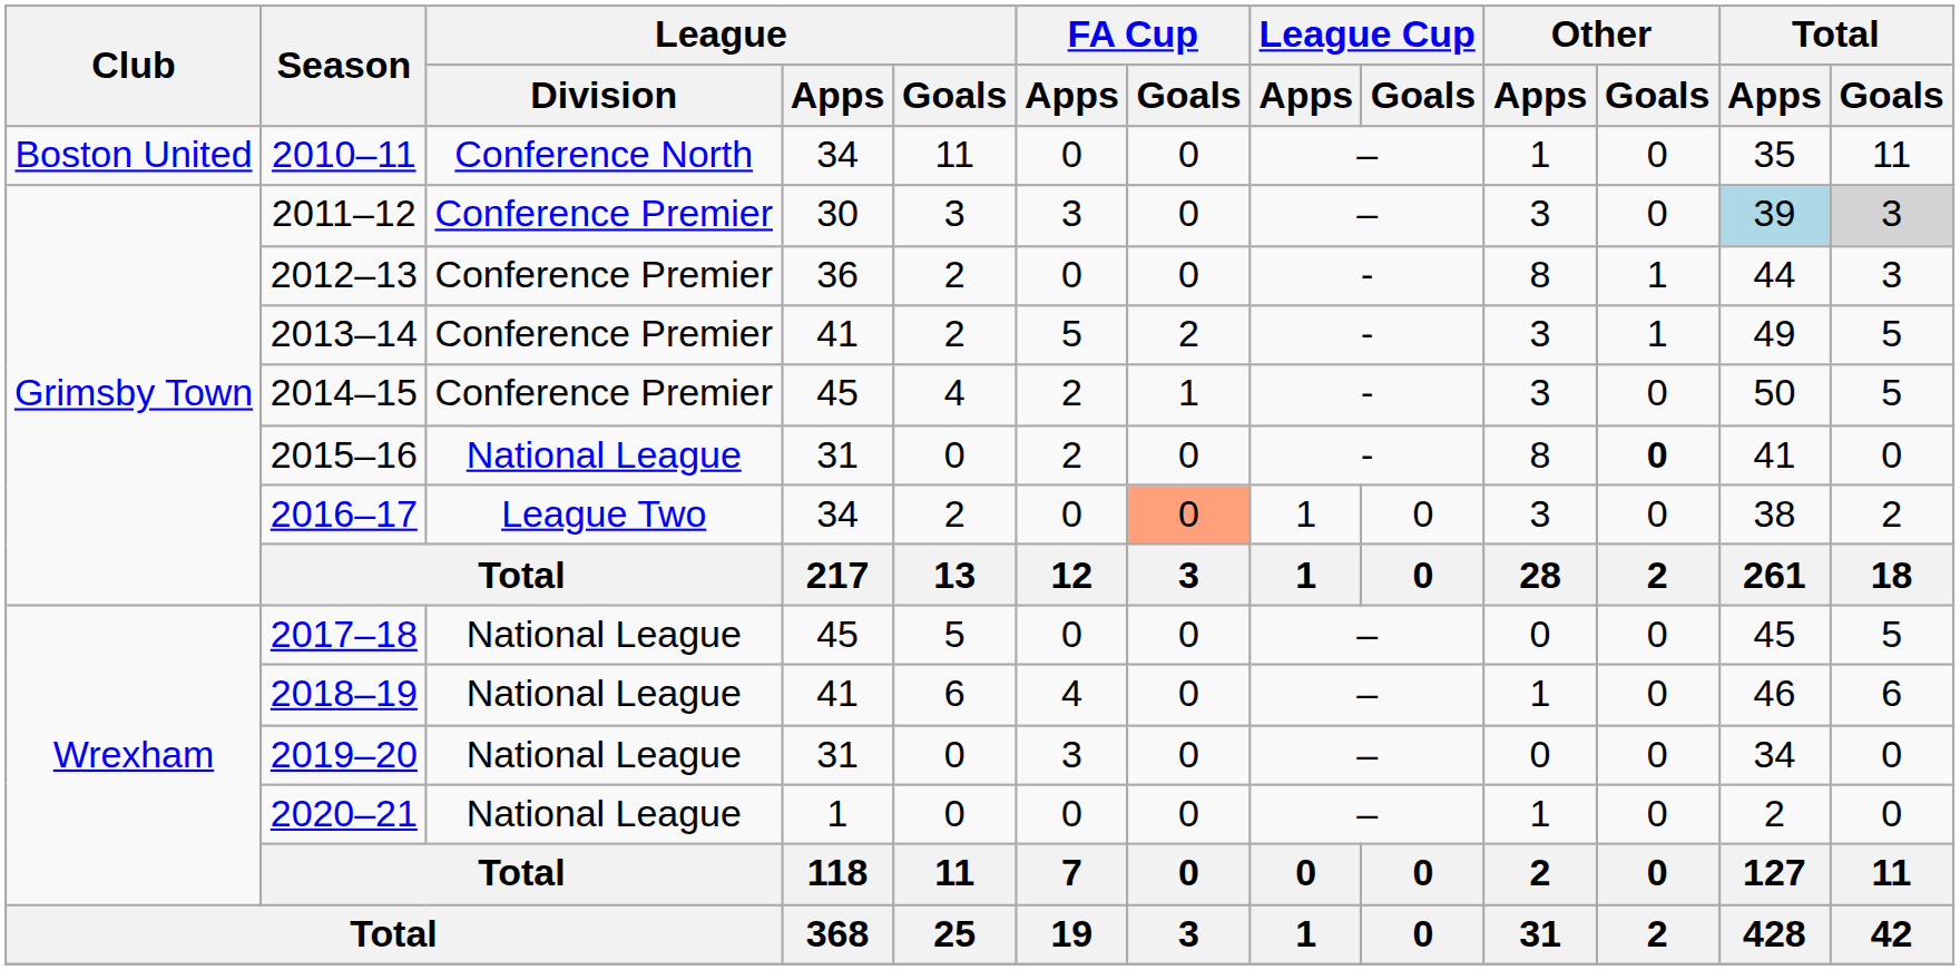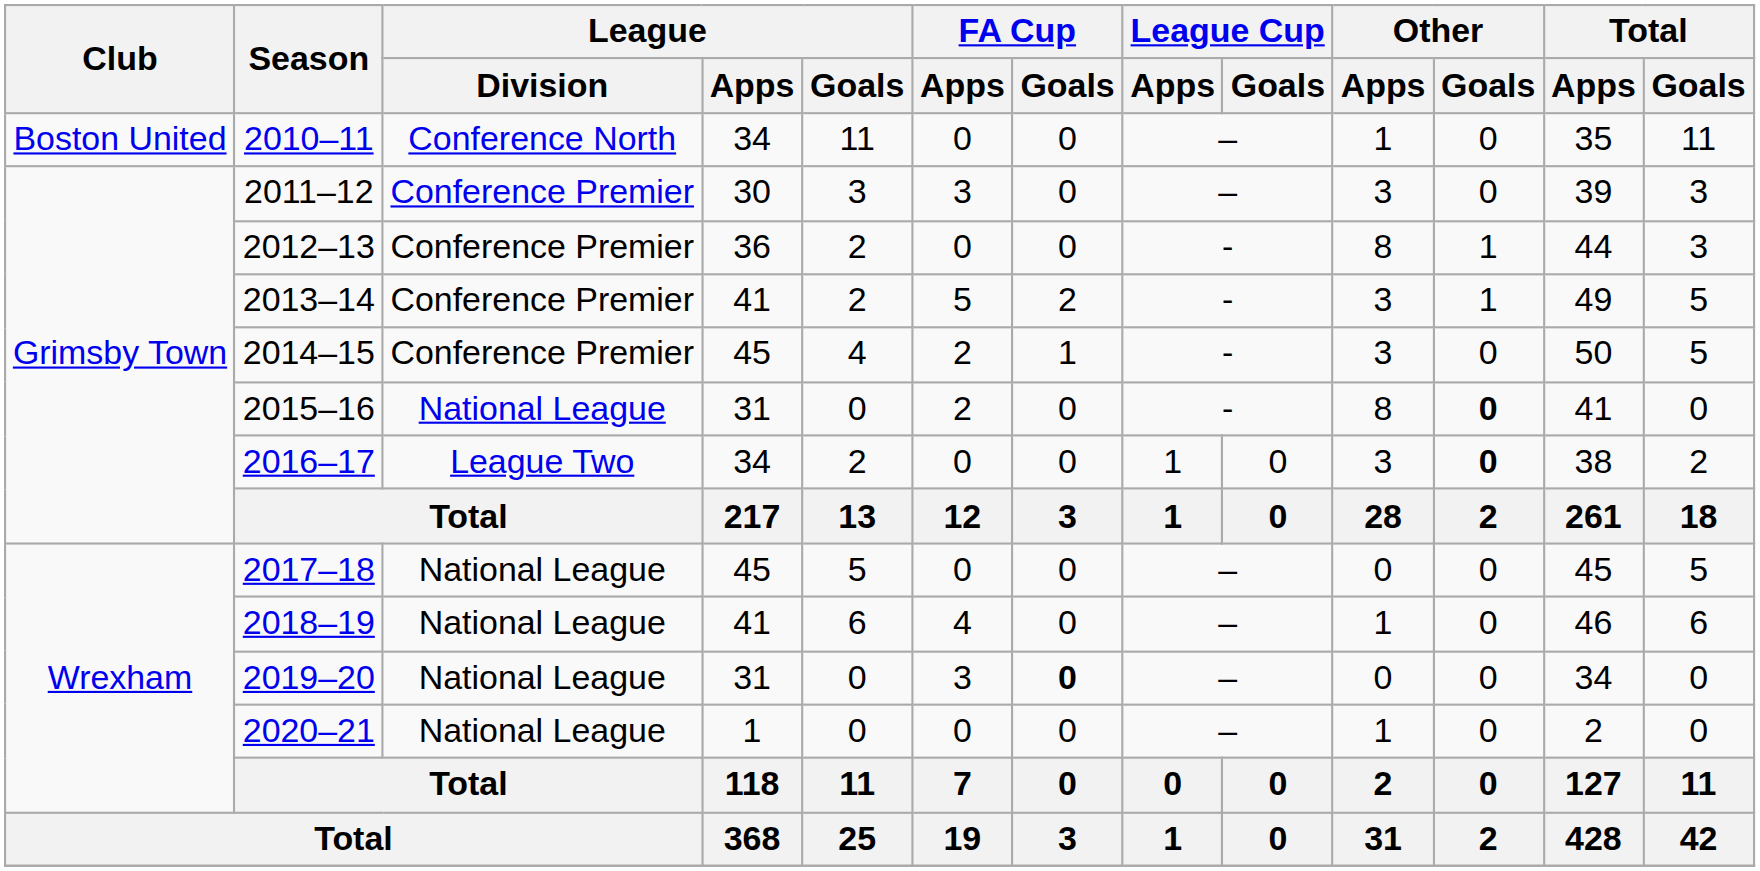 <table class="wikitable" style="text-align: center;">
 <tr>
 <th rowspan=2>Club</th>
 <th rowspan=2>Season</th>
 <th colspan=3>League</th>
 <th colspan=2><a href='#'>FA Cup</a></th>
 <th colspan=2><a href='#'>League Cup</a></th>
 <th colspan=2>Other</th>
 <th colspan=2>Total</th>
 </tr>
 <tr>
 <th>Division</th>
 <th>Apps</th>
 <th>Goals</th>
 <th>Apps</th>
 <th>Goals</th>
 <th>Apps</th>
 <th>Goals</th>
 <th>Apps</th>
 <th>Goals</th>
 <th>Apps</th>
 <th>Goals</th>
 </tr>
 <tr>
 <td><a href='#'>Boston United</a></td>
 <td><a href='#'>2010–11</a></td>
 <td><a href='#'>Conference North</a></td>
 <td>34</td>
 <td>11</td>
 <td>0</td>
 <td>0</td>
 <td colspan="2">–</td>
 <td>1</td>
 <td>0</td>
 <td>35</td>
 <td>11</td>
 </tr>
 <tr>
 <td rowspan="7"><a href='#'>Grimsby Town</a></td>
 <td>2011–12</td>
 <td><a href='#'>Conference Premier</a></td>
 <td>30</td>
 <td>3</td>
 <td>3</td>
 <td>0</td>
 <td colspan="2">–</td>
 <td>3</td>
 <td>0</td>
-<td style="background: lightblue;">39</td>
-<td style="background: lightgrey;">3</td>
+<td>39</td>
+<td>3</td>
 </tr>
 <tr>
 <td>2012–13</td>
 <td>Conference Premier</td>
 <td>36</td>
 <td>2</td>
 <td>0</td>
 <td>0</td>
 <td colspan="2">-</td>
 <td>8</td>
 <td>1</td>
 <td>44</td>
 <td>3</td>
 </tr>
 <tr>
 <td>2013–14</td>
 <td>Conference Premier</td>
 <td>41</td>
 <td>2</td>
 <td>5</td>
 <td>2</td>
 <td colspan="2">-</td>
 <td>3</td>
 <td>1</td>
 <td>49</td>
 <td>5</td>
 </tr>
 <tr>
 <td>2014–15</td>
 <td>Conference Premier</td>
 <td>45</td>
 <td>4</td>
 <td>2</td>
 <td>1</td>
 <td colspan="2">-</td>
 <td>3</td>
 <td>0</td>
 <td>50</td>
 <td>5</td>
 </tr>
 <tr>
 <td>2015–16</td>
 <td><a href='#'>National League</a></td>
 <td>31</td>
 <td>0</td>
 <td>2</td>
 <td>0</td>
 <td colspan="2">-</td>
 <td>8</td>
 <td><strong>0</strong></td>
 <td>41</td>
 <td>0</td>
 </tr>
 <tr>
 <td><a href='#'>2016–17</a></td>
 <td><a href='#'>League Two</a></td>
 <td>34</td>
 <td>2</td>
 <td>0</td>
-<td style="background: lightsalmon;">0</td>
+<td>0</td>
 <td>1</td>
 <td>0</td>
 <td>3</td>
-<td>0</td>
+<td><strong>0</strong></td>
 <td>38</td>
 <td>2</td>
 </tr>
 <tr>
 <th colspan="2">Total</th>
 <th>217</th>
 <th>13</th>
 <th>12</th>
 <th>3</th>
 <th>1</th>
 <th>0</th>
 <th>28</th>
 <th>2</th>
 <th>261</th>
 <th>18</th>
 </tr>
 <tr>
 <td rowspan="5"><a href='#'>Wrexham</a></td>
 <td><a href='#'>2017–18</a></td>
 <td>National League</td>
 <td>45</td>
 <td>5</td>
 <td>0</td>
 <td>0</td>
 <td colspan="2">–</td>
 <td>0</td>
 <td>0</td>
 <td>45</td>
 <td>5</td>
 </tr>
 <tr>
 <td><a href='#'>2018–19</a></td>
 <td>National League</td>
 <td>41</td>
 <td>6</td>
 <td>4</td>
 <td>0</td>
 <td colspan="2">–</td>
 <td>1</td>
 <td>0</td>
 <td>46</td>
 <td>6</td>
 </tr>
 <tr>
 <td><a href='#'>2019–20</a></td>
 <td>National League</td>
 <td>31</td>
 <td>0</td>
 <td>3</td>
-<td>0</td>
+<td><strong>0</strong></td>
 <td colspan="2">–</td>
 <td>0</td>
 <td>0</td>
 <td>34</td>
 <td>0</td>
 </tr>
 <tr>
 <td><a href='#'>2020–21</a></td>
 <td>National League</td>
 <td>1</td>
 <td>0</td>
 <td>0</td>
 <td>0</td>
 <td colspan="2">–</td>
 <td>1</td>
 <td>0</td>
 <td>2</td>
 <td>0</td>
 </tr>
 <tr>
 <th colspan="2">Total</th>
 <th>118</th>
 <th>11</th>
 <th>7</th>
 <th>0</th>
 <th>0</th>
 <th>0</th>
 <th>2</th>
 <th>0</th>
 <th>127</th>
 <th>11</th>
 </tr>
 <tr>
 <th colspan="3">Total</th>
 <th>368</th>
 <th>25</th>
 <th>19</th>
 <th>3</th>
 <th>1</th>
 <th>0</th>
 <th>31</th>
 <th>2</th>
 <th>428</th>
 <th>42</th>
 </tr>
 <tr>
 </tr>
 </table>
